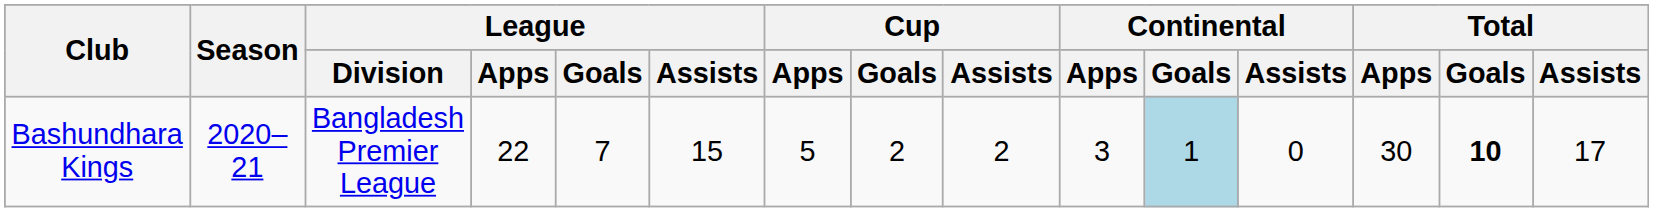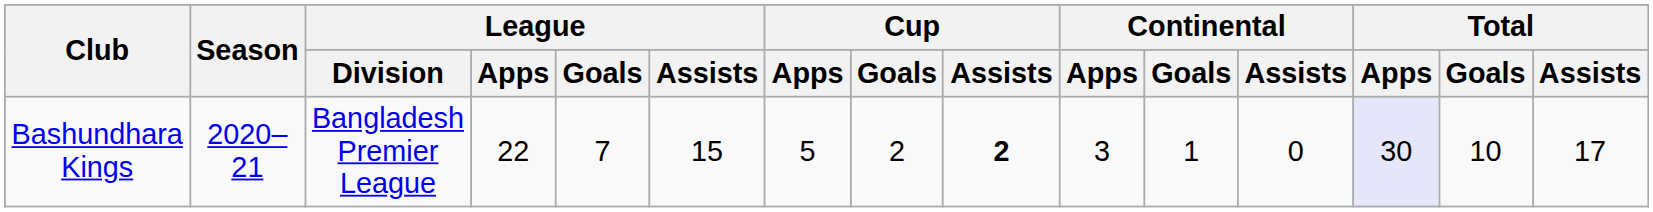 <table class="wikitable" style="text-align: center;">
 <tr>
 <th rowspan="2">Club</th>
 <th rowspan="2">Season</th>
 <th colspan="4">League</th>
 <th colspan="3">Cup</th>
 <th colspan="3">Continental</th>
 <th colspan="3">Total</th>
 </tr>
 <tr>
 <th>Division</th>
 <th>Apps</th>
 <th>Goals</th>
 <th>Assists</th>
 <th>Apps</th>
 <th>Goals</th>
 <th>Assists</th>
 <th>Apps</th>
 <th>Goals</th>
 <th>Assists</th>
 <th>Apps</th>
 <th>Goals</th>
 <th>Assists</th>
 </tr>
 <tr>
 <td><a href='#'>Bashundhara Kings</a></td>
 <td><a href='#'>2020–21</a></td>
 <td><a href='#'>Bangladesh Premier League</a></td>
 <td>22</td>
 <td>7</td>
 <td>15</td>
 <td>5</td>
 <td>2</td>
-<td>2</td>
+<td><strong>2</strong></td>
 <td>3</td>
-<td style="background: lightblue;">1</td>
+<td>1</td>
 <td>0</td>
-<td>30</td>
-<td><strong>10</strong></td>
+<td style="background: lavender;">30</td>
+<td>10</td>
 <td>17</td>
 </tr>
 </table>
